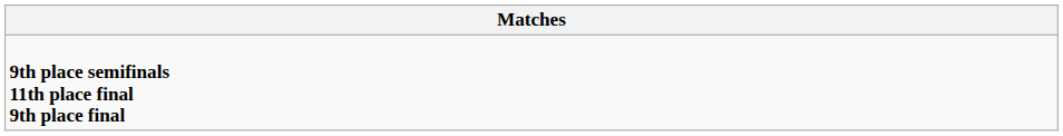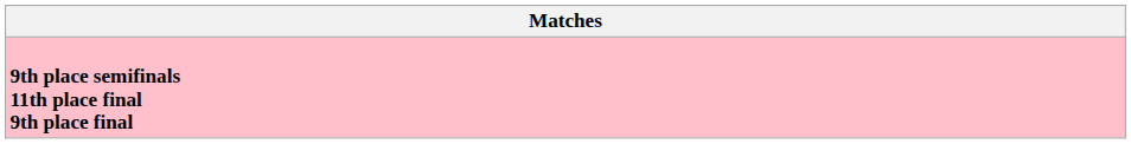 <table class="wikitable collapsible collapsed" style="width:100%;">
 <tr>
 <th>Matches</th>
 </tr>
 <tr>
-<td><br><strong>9th place semifinals</strong>  <br><strong>11th place final</strong> <br><strong>9th place final</strong> </td>
+<td style="background: pink;"><br><strong>9th place semifinals</strong>  <br><strong>11th place final</strong> <br><strong>9th place final</strong> </td>
 </tr>
 </table>
